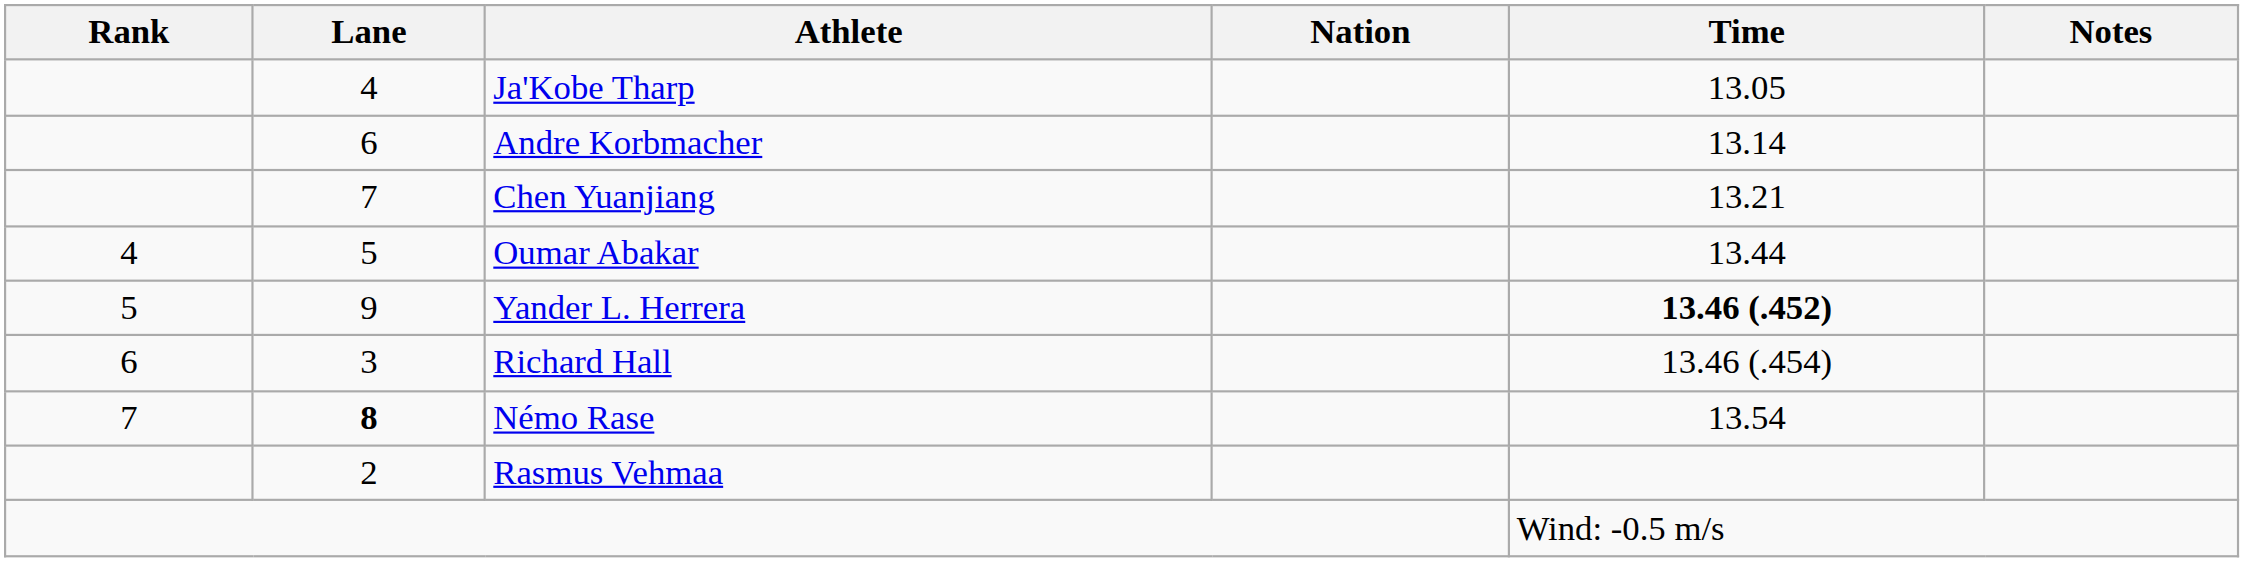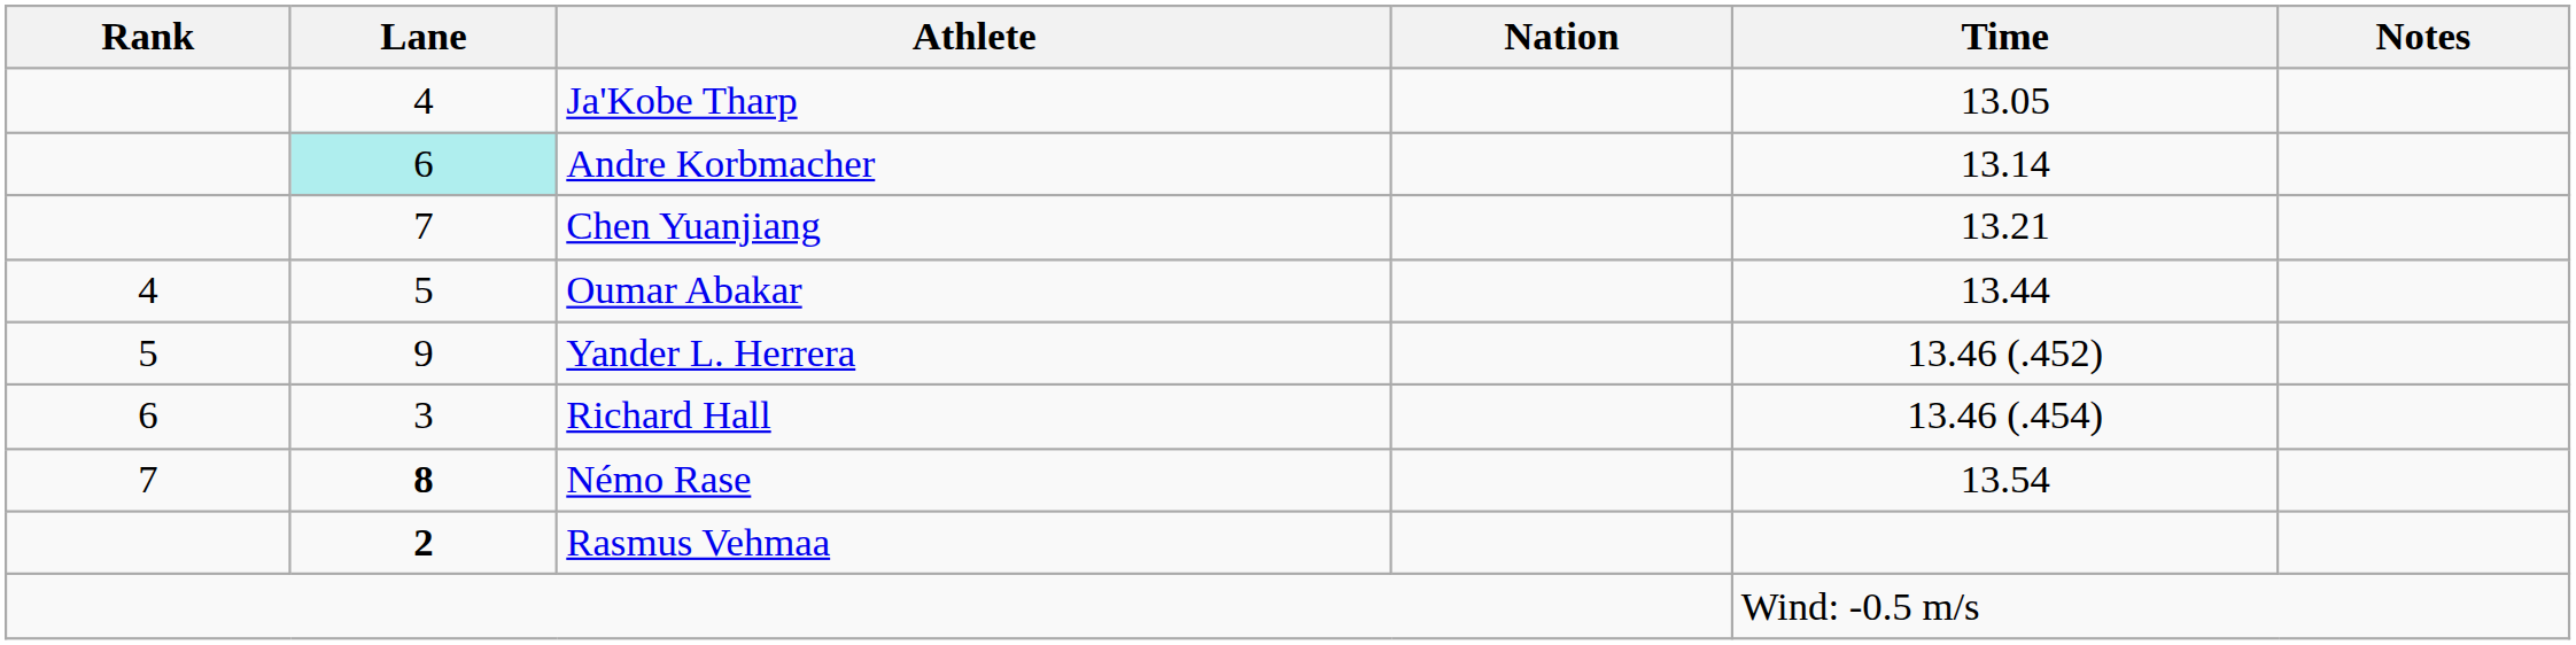 <table class="wikitable sortable" style="text-align:center;width: 65%;">
 <tr>
 <th scope="col">Rank</th>
 <th scope="col">Lane</th>
 <th scope="col">Athlete</th>
 <th scope="col">Nation</th>
 <th scope="col">Time</th>
 <th scope="col">Notes</th>
 </tr>
 <tr>
 <td></td>
 <td>4</td>
 <td align=left><a href='#'>Ja'Kobe Tharp</a></td>
 <td align=left></td>
 <td>13.05</td>
 <td></td>
 </tr>
 <tr>
 <td></td>
-<td>6</td>
+<td style="background: paleturquoise;">6</td>
 <td align=left><a href='#'>Andre Korbmacher</a></td>
 <td align=left></td>
 <td>13.14</td>
 <td></td>
 </tr>
 <tr>
 <td></td>
 <td>7</td>
 <td align=left><a href='#'>Chen Yuanjiang</a></td>
 <td align=left></td>
 <td>13.21</td>
 <td></td>
 </tr>
 <tr>
 <td>4</td>
 <td>5</td>
 <td align=left><a href='#'>Oumar Abakar</a></td>
 <td align=left></td>
 <td>13.44</td>
 <td></td>
 </tr>
 <tr>
 <td>5</td>
 <td>9</td>
 <td align=left><a href='#'>Yander L. Herrera</a></td>
 <td align=left></td>
-<td><strong>13.46 (.452)</strong></td>
+<td>13.46 (.452)</td>
 <td></td>
 </tr>
 <tr>
 <td>6</td>
 <td>3</td>
 <td align=left><a href='#'>Richard Hall</a></td>
 <td align=left></td>
 <td>13.46 (.454)</td>
 <td></td>
 </tr>
 <tr>
 <td>7</td>
 <td><strong>8</strong></td>
 <td align=left><a href='#'>Némo Rase</a></td>
 <td align=left></td>
 <td>13.54</td>
 <td></td>
 </tr>
 <tr>
 <td></td>
-<td>2</td>
+<td><strong>2</strong></td>
 <td align=left><a href='#'>Rasmus Vehmaa</a></td>
 <td align=left></td>
 <td></td>
 <td></td>
 </tr>
 <tr class="sortbottom">
 <td colspan="4"></td>
 <td colspan="2" style="text-align:left;">Wind: -0.5 m/s</td>
 </tr>
 </table>
